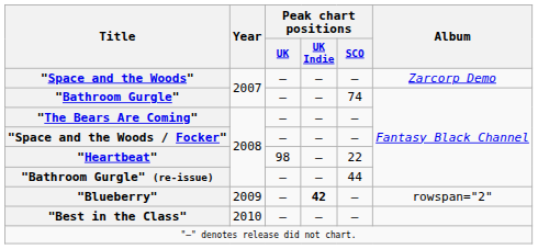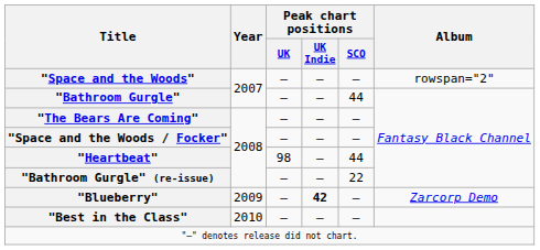 <table class="wikitable plainrowheaders" style="text-align:center;">
 <tr>
 <th scope="col" rowspan="2">Title</th>
 <th scope="col" rowspan="2">Year</th>
 <th scope="col" colspan="3">Peak chart positions</th>
 <th scope="col" rowspan="2">Album</th>
 </tr>
 <tr>
 <th scope="col" style="width:3em;font-size:85%;"><a href='#'>UK</a><br></th>
 <th scope="col" style="width:3em;font-size:85%;"><a href='#'>UK<br>Indie</a><br></th>
 <th scope="col" style="width:3em;font-size:85%;"><a href='#'>SCO</a><br></th>
 </tr>
 <tr>
 <th scope="row">"<a href='#'>Space and the Woods</a>"</th>
 <td rowspan="2">2007</td>
 <td>—</td>
 <td>—</td>
 <td>—</td>
-<td><em><a href='#'>Zarcorp Demo</a></em></td>
+<td>rowspan="2" </td>
 </tr>
 <tr>
 <th scope="row">"<a href='#'>Bathroom Gurgle</a>"</th>
 <td>—</td>
 <td>—</td>
-<td>74</td>
+<td>44</td>
 <td rowspan="5"><em><a href='#'>Fantasy Black Channel</a></em></td>
 </tr>
 <tr>
 <th scope="row">"<a href='#'>The Bears Are Coming</a>"</th>
 <td rowspan="4">2008</td>
 <td>—</td>
 <td>—</td>
 <td>—</td>
 </tr>
 <tr>
 <th scope="row">"Space and the Woods / <a href='#'>Focker</a>"</th>
 <td>—</td>
 <td>—</td>
 <td>—</td>
 </tr>
 <tr>
 <th scope="row">"<a href='#'>Heartbeat</a>"</th>
 <td>98</td>
 <td>—</td>
-<td>22</td>
+<td>44</td>
 </tr>
 <tr>
 <th scope="row">"Bathroom Gurgle" <small>(re-issue)</small></th>
 <td>—</td>
 <td>—</td>
-<td>44</td>
+<td>22</td>
 </tr>
 <tr>
 <th scope="row">"Blueberry"</th>
 <td>2009</td>
 <td>—</td>
 <td><strong>42</strong></td>
 <td>—</td>
-<td>rowspan="2" </td>
+<td><em><a href='#'>Zarcorp Demo</a></em></td>
 </tr>
 <tr>
 <th scope="row">"Best in the Class"</th>
 <td>2010</td>
 <td>—</td>
 <td>—</td>
 <td>—</td>
 </tr>
 <tr>
 <td colspan="9" style="font-size:85%"><small>"—" denotes release did not chart.</small></td>
 </tr>
 </table>
